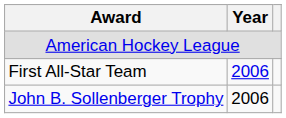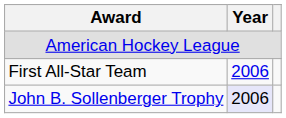 <table class="wikitable">
 <tr>
 <th>Award</th>
 <th>Year</th>
 <th></th>
 </tr>
 <tr ALIGN="center" bgcolor="#e0e0e0">
 <td colspan="3"><a href='#'>American Hockey League</a></td>
 </tr>
 <tr>
 <td>First All-Star Team</td>
 <td><a href='#'>2006</a></td>
 <td></td>
 </tr>
 <tr>
 <td><a href='#'>John B. Sollenberger Trophy</a></td>
-<td>2006</td>
+<td style="background: lavender;">2006</td>
 <td></td>
 </tr>
 </table>
